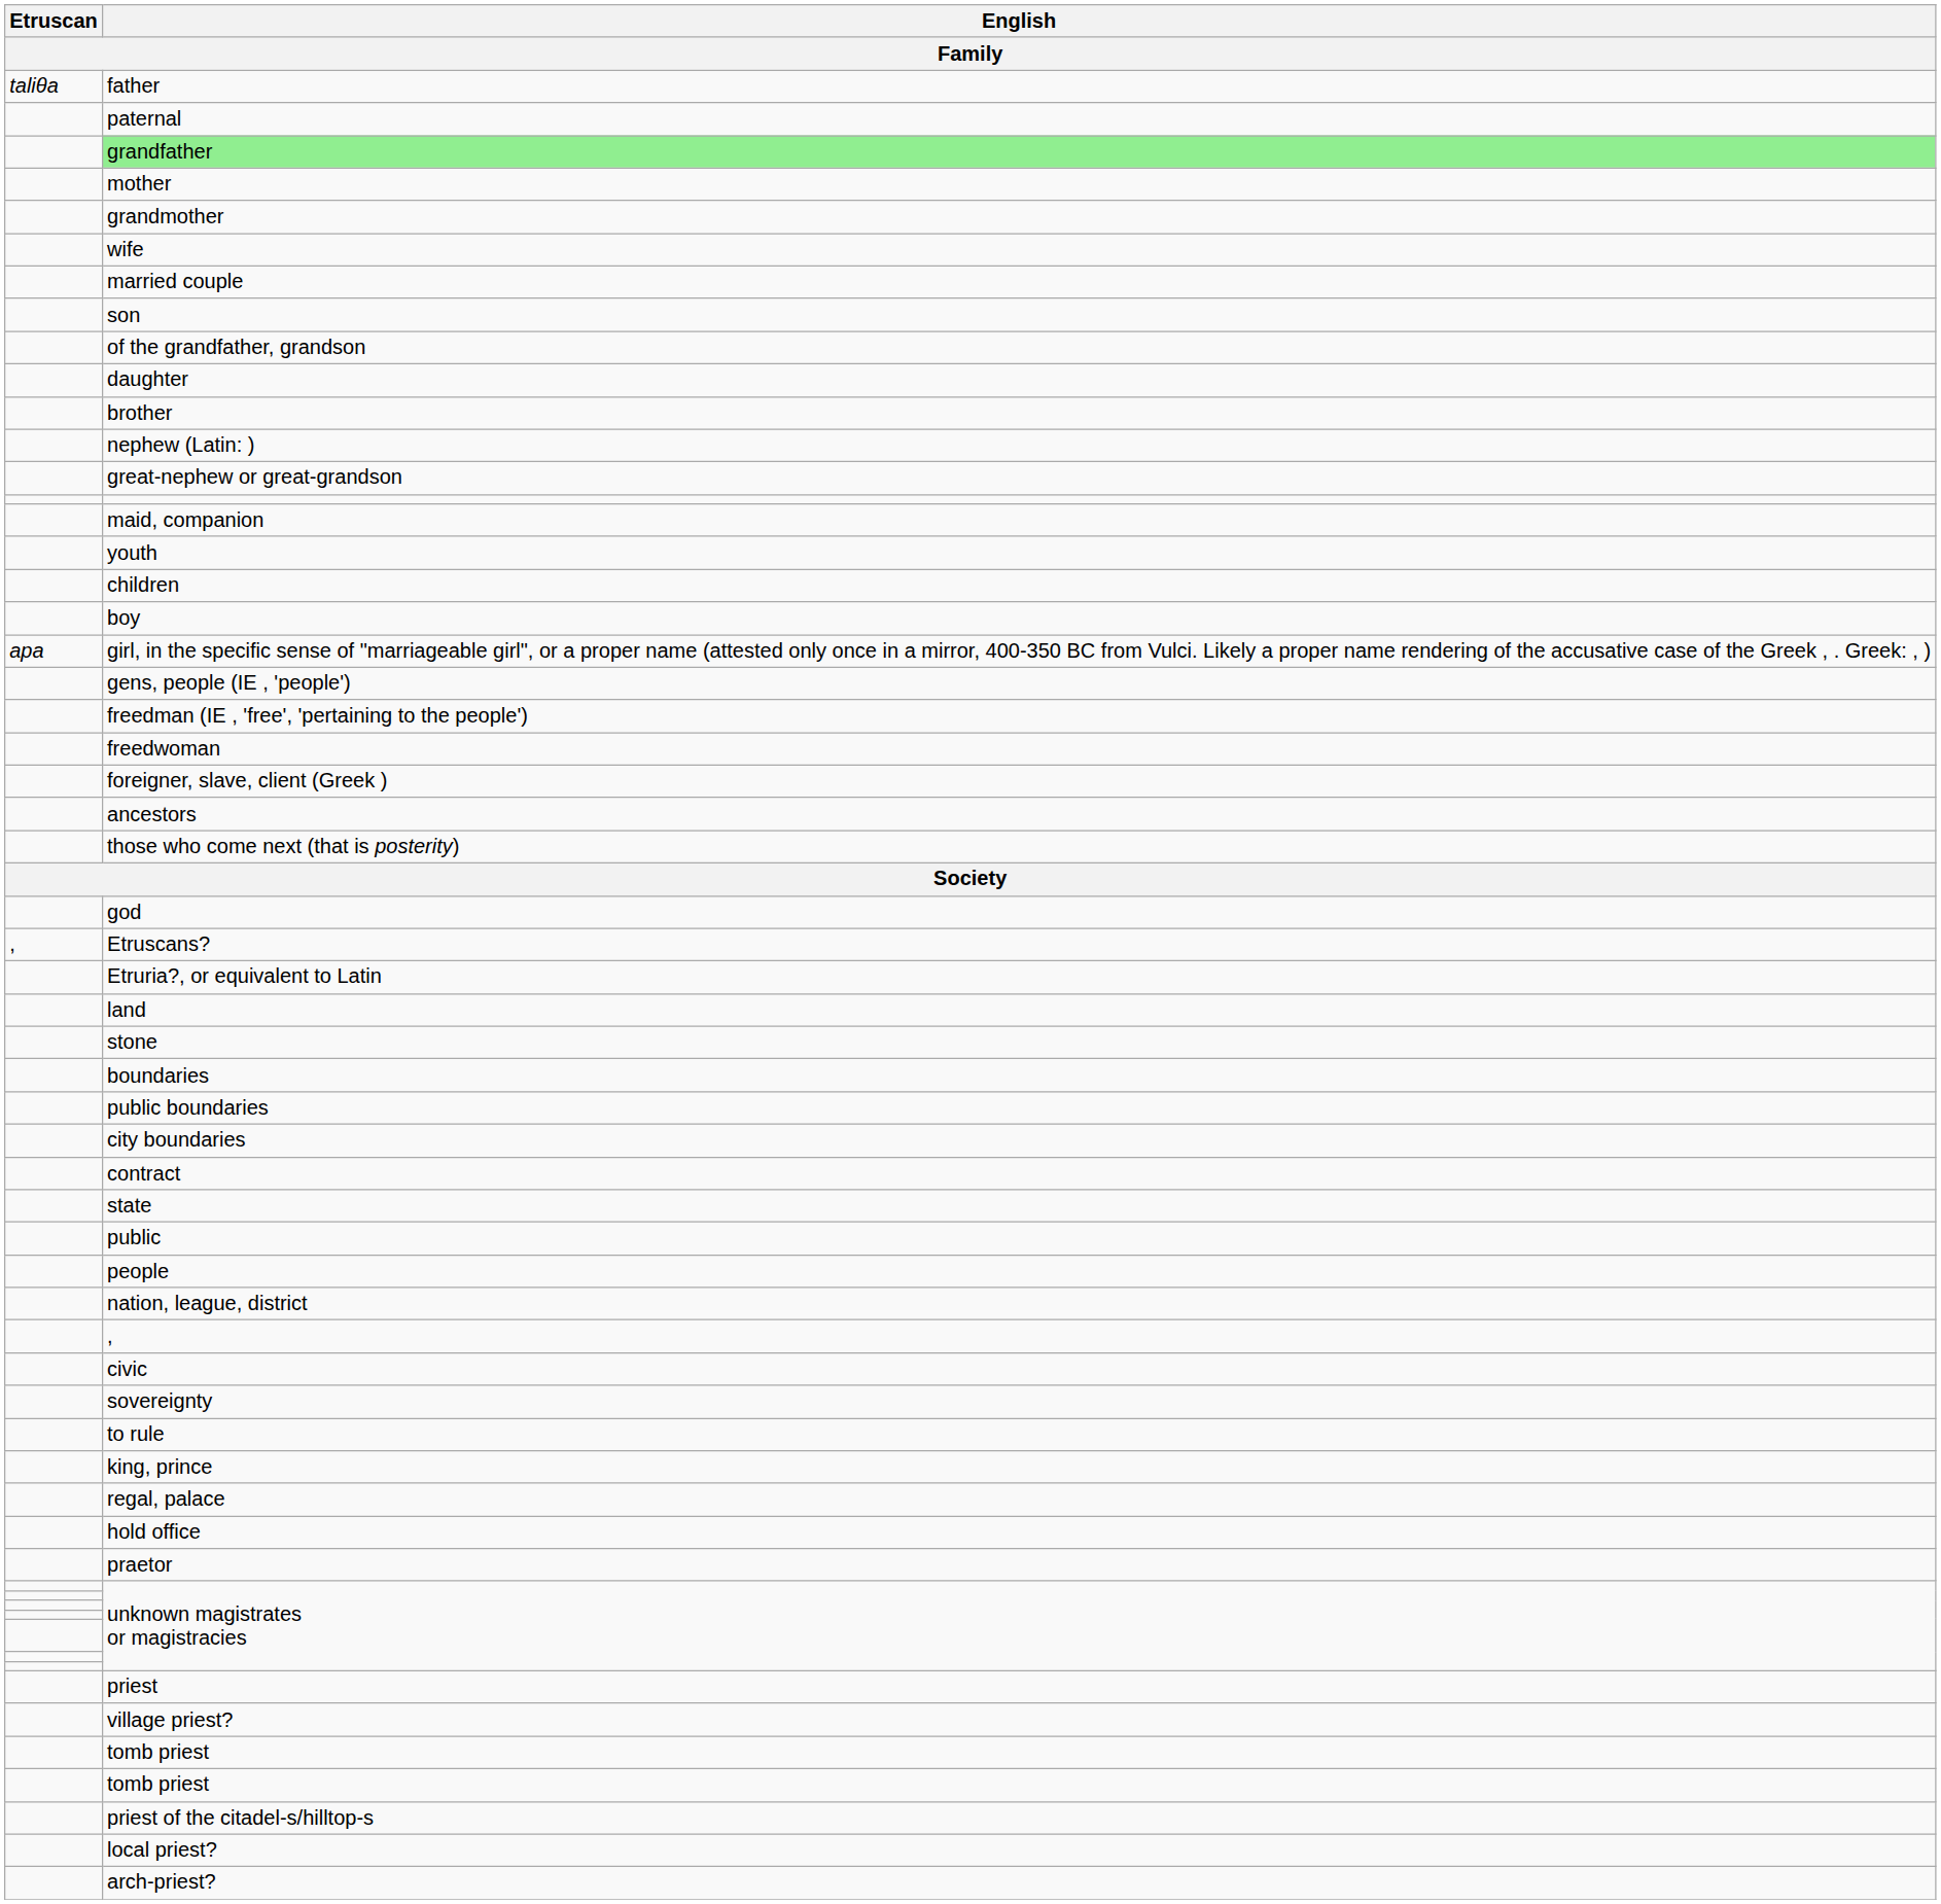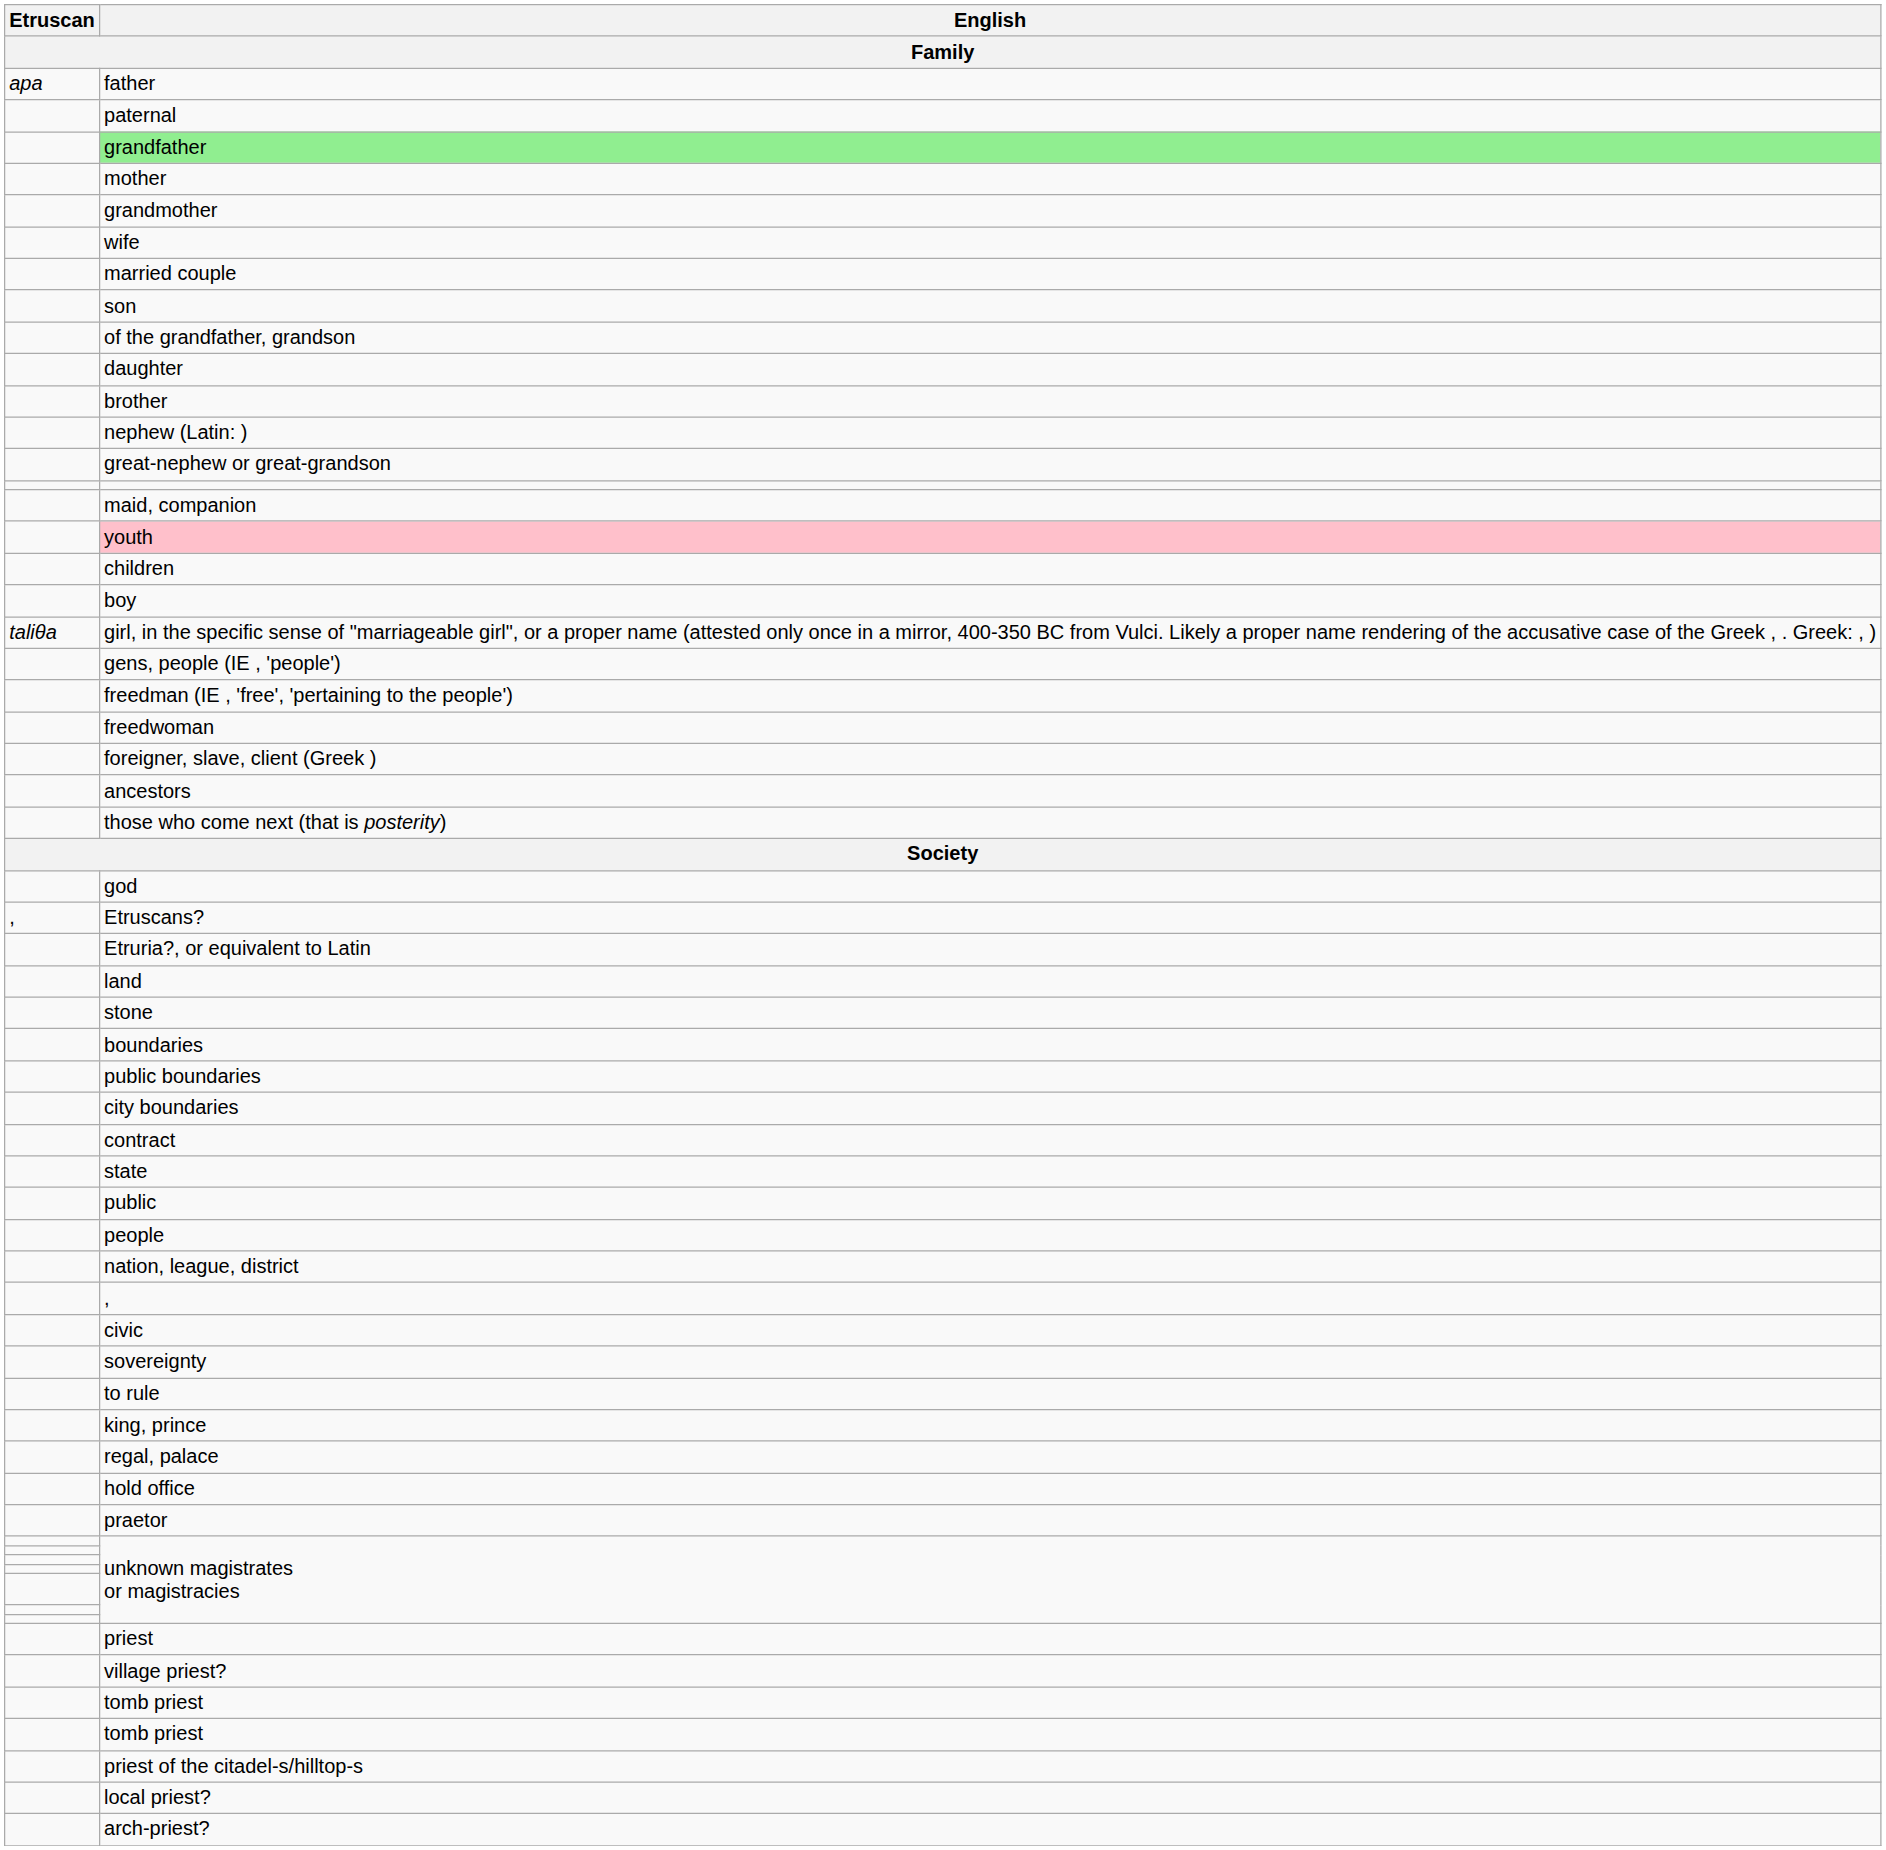 <table class="wikitable">
 <tr>
 <th>Etruscan</th>
 <th>English</th>
 </tr>
 <tr>
 <th colspan=2>Family</th>
 </tr>
 <tr>
-<td><em>taliθa</em></td>
+<td><em>apa</em></td>
 <td>father</td>
 </tr>
 <tr>
 <td></td>
 <td>paternal</td>
 </tr>
 <tr>
 <td></td>
 <td style="background: lightgreen;">grandfather</td>
 </tr>
 <tr>
 <td></td>
 <td>mother</td>
 </tr>
 <tr>
 <td></td>
 <td>grandmother</td>
 </tr>
 <tr>
 <td></td>
 <td>wife</td>
 </tr>
 <tr>
 <td></td>
 <td>married couple</td>
 </tr>
 <tr>
 <td></td>
 <td>son</td>
 </tr>
 <tr>
 <td></td>
 <td>of the grandfather, grandson</td>
 </tr>
 <tr>
 <td></td>
 <td>daughter</td>
 </tr>
 <tr>
 <td></td>
 <td>brother</td>
 </tr>
 <tr>
 <td></td>
 <td>nephew (Latin: )</td>
 </tr>
 <tr>
 <td></td>
 <td>great-nephew or great-grandson</td>
 </tr>
 <tr>
 <td></td>
 </tr>
 <tr>
 <td></td>
 <td>maid, companion</td>
 </tr>
 <tr>
 <td></td>
-<td>youth</td>
+<td style="background: pink;">youth</td>
 </tr>
 <tr>
 <td></td>
 <td>children</td>
 </tr>
 <tr>
 <td></td>
 <td>boy</td>
 </tr>
 <tr>
-<td><em>apa</em></td>
+<td><em>taliθa</em></td>
 <td>girl, in the specific sense of "marriageable girl", or a proper name (attested only once in a mirror, 400-350 BC from Vulci. Likely a proper name rendering of the accusative case of the Greek , . Greek: , )</td>
 </tr>
 <tr>
 <td></td>
 <td>gens, people (IE , 'people')</td>
 </tr>
 <tr>
 <td></td>
 <td>freedman (IE , 'free', 'pertaining to the people')</td>
 </tr>
 <tr>
 <td></td>
 <td>freedwoman</td>
 </tr>
 <tr>
 <td></td>
 <td>foreigner, slave, client (Greek )</td>
 </tr>
 <tr>
 <td></td>
 <td>ancestors</td>
 </tr>
 <tr>
 <td></td>
 <td>those who come next (that is <em>posterity</em>)</td>
 </tr>
 <tr>
 <th colspan=2>Society</th>
 </tr>
 <tr>
 <td></td>
 <td>god</td>
 </tr>
 <tr>
 <td>, </td>
 <td>Etruscans?</td>
 </tr>
 <tr>
 <td></td>
 <td>Etruria?, or equivalent to Latin </td>
 </tr>
 <tr>
 <td></td>
 <td>land</td>
 </tr>
 <tr>
 <td></td>
 <td>stone</td>
 </tr>
 <tr>
 <td></td>
 <td>boundaries</td>
 </tr>
 <tr>
 <td></td>
 <td>public boundaries</td>
 </tr>
 <tr>
 <td></td>
 <td>city boundaries</td>
 </tr>
 <tr>
 <td></td>
 <td>contract</td>
 </tr>
 <tr>
 <td></td>
 <td>state</td>
 </tr>
 <tr>
 <td></td>
 <td>public</td>
 </tr>
 <tr>
 <td></td>
 <td>people</td>
 </tr>
 <tr>
 <td></td>
 <td>nation, league, district</td>
 </tr>
 <tr>
 <td></td>
 <td>, </td>
 </tr>
 <tr>
 <td></td>
 <td>civic</td>
 </tr>
 <tr>
 <td></td>
 <td>sovereignty</td>
 </tr>
 <tr>
 <td></td>
 <td>to rule</td>
 </tr>
 <tr>
 <td></td>
 <td>king, prince</td>
 </tr>
 <tr>
 <td></td>
 <td>regal, palace</td>
 </tr>
 <tr>
 <td><br></td>
 <td>hold office</td>
 </tr>
 <tr>
 <td><br></td>
 <td>praetor</td>
 </tr>
 <tr>
 <td></td>
 <td rowspan=7>unknown magistrates<br>or magistracies</td>
 </tr>
 <tr>
 <td></td>
 </tr>
 <tr>
 <td></td>
 </tr>
 <tr>
 <td></td>
 </tr>
 <tr>
 <td><br></td>
 </tr>
 <tr>
 <td></td>
 </tr>
 <tr>
 <td></td>
 </tr>
 <tr>
 <td></td>
 <td>priest</td>
 </tr>
 <tr>
 <td></td>
 <td>village priest?</td>
 </tr>
 <tr>
 <td></td>
 <td>tomb priest</td>
 </tr>
 <tr>
 <td></td>
 <td>tomb priest</td>
 </tr>
 <tr>
 <td></td>
 <td>priest of the citadel-s/hilltop-s</td>
 </tr>
 <tr>
 <td></td>
 <td>local priest?</td>
 </tr>
 <tr>
 <td></td>
 <td>arch-priest?</td>
 </tr>
 </table>
